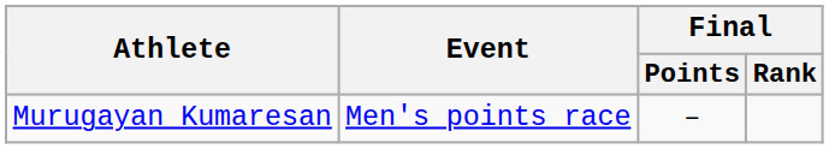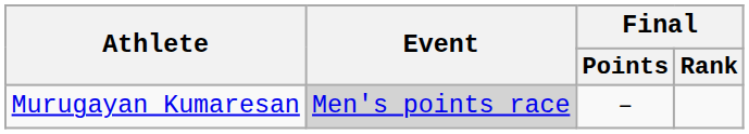 <table class="wikitable" style="font-size:90%;">
 <tr>
 <th rowspan=2>Athlete</th>
 <th rowspan=2>Event</th>
 <th colspan=2>Final</th>
 </tr>
 <tr style="font-size:95%">
 <th>Points</th>
 <th>Rank</th>
 </tr>
 <tr align=center>
 <td align=left><a href='#'>Murugayan Kumaresan</a></td>
-<td align=left><a href='#'>Men's points race</a></td>
+<td align=left style="background: lightgrey;"><a href='#'>Men's points race</a></td>
 <td>–</td>
 <td></td>
 </tr>
 </table>
